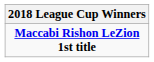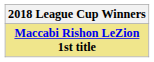 <table class=wikitable style="text-align:center; margin:auto">
 <tr>
 <th>2018 League Cup Winners</th>
 </tr>
 <tr>
-<td><strong><a href='#'>Maccabi Rishon LeZion</a></strong> <br> <strong>1st title</strong></td>
+<td style="background: khaki;"><strong><a href='#'>Maccabi Rishon LeZion</a></strong> <br> <strong>1st title</strong></td>
 </tr>
 </table>
